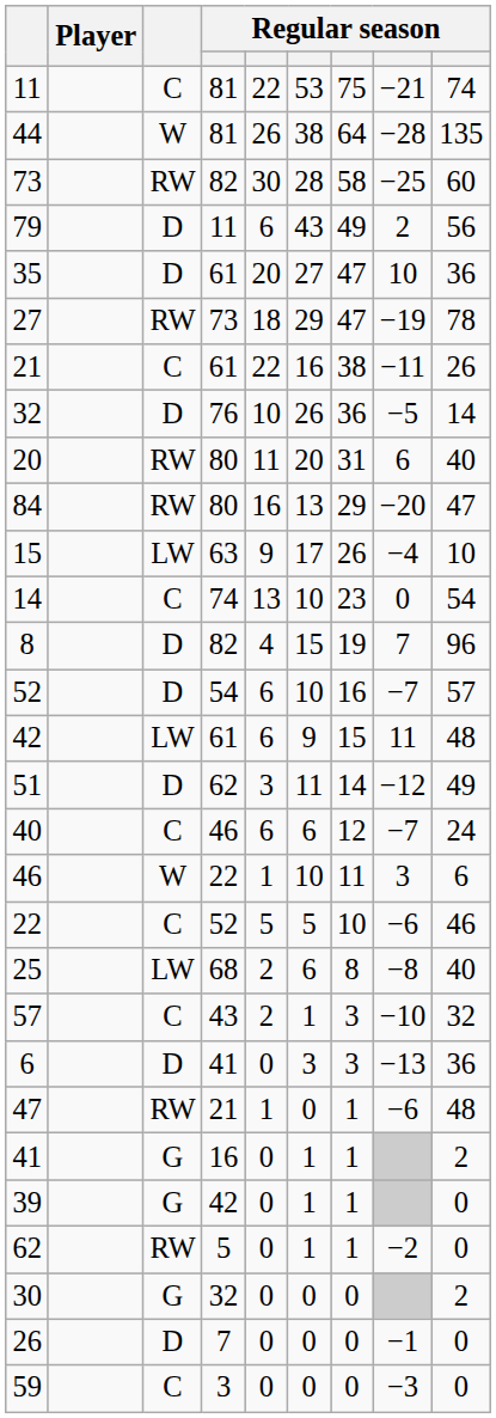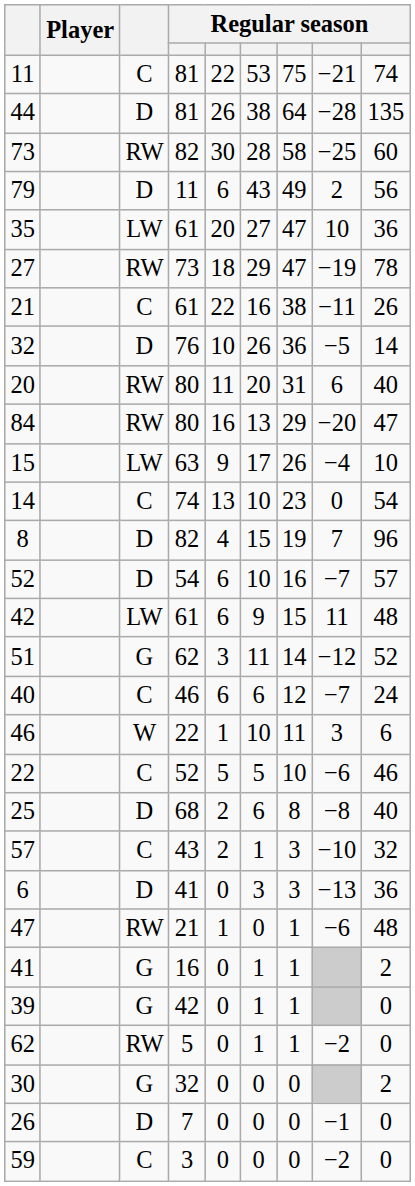 <table class="wikitable sortable plainrowheaders" style="text-align:center;">
 <tr>
 <th scope="col" data-sort-type="number" rowspan="2"></th>
 <th scope="col" rowspan="2">Player</th>
 <th scope="col" rowspan="2"></th>
 <th scope=colgroup colspan=6>Regular season</th>
 </tr>
 <tr>
 <th scope="col" data-sort-type="number"></th>
 <th scope="col" data-sort-type="number"></th>
 <th scope="col" data-sort-type="number"></th>
 <th scope="col" data-sort-type="number"></th>
 <th scope="col" data-sort-type="number"></th>
 <th scope="col" data-sort-type="number"></th>
 </tr>
 <tr>
 <td scope="row">11</td>
 <td align="left"></td>
 <td>C</td>
 <td>81</td>
 <td>22</td>
 <td>53</td>
 <td>75</td>
 <td>−21</td>
 <td>74</td>
 </tr>
 <tr>
 <td scope="row">44</td>
 <td align="left"></td>
-<td>W</td>
+<td>D</td>
 <td>81</td>
 <td>26</td>
 <td>38</td>
 <td>64</td>
 <td>−28</td>
 <td>135</td>
 </tr>
 <tr>
 <td scope="row">73</td>
 <td align="left"></td>
 <td>RW</td>
 <td>82</td>
 <td>30</td>
 <td>28</td>
 <td>58</td>
 <td>−25</td>
 <td>60</td>
 </tr>
 <tr>
 <td scope="row">79</td>
 <td align="left"></td>
 <td>D</td>
 <td>11</td>
 <td>6</td>
 <td>43</td>
 <td>49</td>
 <td>2</td>
 <td>56</td>
 </tr>
 <tr>
 <td scope="row">35</td>
 <td align="left"></td>
-<td>D</td>
+<td>LW</td>
 <td>61</td>
 <td>20</td>
 <td>27</td>
 <td>47</td>
 <td>10</td>
 <td>36</td>
 </tr>
 <tr>
 <td scope="row">27</td>
 <td align="left"></td>
 <td>RW</td>
 <td>73</td>
 <td>18</td>
 <td>29</td>
 <td>47</td>
 <td>−19</td>
 <td>78</td>
 </tr>
 <tr>
 <td scope="row">21</td>
 <td align="left"></td>
 <td>C</td>
 <td>61</td>
 <td>22</td>
 <td>16</td>
 <td>38</td>
 <td>−11</td>
 <td>26</td>
 </tr>
 <tr>
 <td scope="row">32</td>
 <td align="left"></td>
 <td>D</td>
 <td>76</td>
 <td>10</td>
 <td>26</td>
 <td>36</td>
 <td>−5</td>
 <td>14</td>
 </tr>
 <tr>
 <td scope="row">20</td>
 <td align="left"></td>
 <td>RW</td>
 <td>80</td>
 <td>11</td>
 <td>20</td>
 <td>31</td>
 <td>6</td>
 <td>40</td>
 </tr>
 <tr>
 <td scope="row">84</td>
 <td align="left"></td>
 <td>RW</td>
 <td>80</td>
 <td>16</td>
 <td>13</td>
 <td>29</td>
 <td>−20</td>
 <td>47</td>
 </tr>
 <tr>
 <td scope="row">15</td>
 <td align="left"></td>
 <td>LW</td>
 <td>63</td>
 <td>9</td>
 <td>17</td>
 <td>26</td>
 <td>−4</td>
 <td>10</td>
 </tr>
 <tr>
 <td scope="row">14</td>
 <td align="left"></td>
 <td>C</td>
 <td>74</td>
 <td>13</td>
 <td>10</td>
 <td>23</td>
 <td>0</td>
 <td>54</td>
 </tr>
 <tr>
 <td scope="row">8</td>
 <td align="left"></td>
 <td>D</td>
 <td>82</td>
 <td>4</td>
 <td>15</td>
 <td>19</td>
 <td>7</td>
 <td>96</td>
 </tr>
 <tr>
 <td scope="row">52</td>
 <td align="left"></td>
 <td>D</td>
 <td>54</td>
 <td>6</td>
 <td>10</td>
 <td>16</td>
 <td>−7</td>
 <td>57</td>
 </tr>
 <tr>
 <td scope="row">42</td>
 <td align="left"></td>
 <td>LW</td>
 <td>61</td>
 <td>6</td>
 <td>9</td>
 <td>15</td>
 <td>11</td>
 <td>48</td>
 </tr>
 <tr>
 <td scope="row">51</td>
 <td align="left"></td>
-<td>D</td>
+<td>G</td>
 <td>62</td>
 <td>3</td>
 <td>11</td>
 <td>14</td>
 <td>−12</td>
-<td>49</td>
+<td>52</td>
 </tr>
 <tr>
 <td scope="row">40</td>
 <td align="left"></td>
 <td>C</td>
 <td>46</td>
 <td>6</td>
 <td>6</td>
 <td>12</td>
 <td>−7</td>
 <td>24</td>
 </tr>
 <tr>
 <td scope="row">46</td>
 <td align="left"></td>
 <td>W</td>
 <td>22</td>
 <td>1</td>
 <td>10</td>
 <td>11</td>
 <td>3</td>
 <td>6</td>
 </tr>
 <tr>
 <td scope="row">22</td>
 <td align="left"></td>
 <td>C</td>
 <td>52</td>
 <td>5</td>
 <td>5</td>
 <td>10</td>
 <td>−6</td>
 <td>46</td>
 </tr>
 <tr>
 <td scope="row">25</td>
 <td align="left"></td>
-<td>LW</td>
+<td>D</td>
 <td>68</td>
 <td>2</td>
 <td>6</td>
 <td>8</td>
 <td>−8</td>
 <td>40</td>
 </tr>
 <tr>
 <td scope="row">57</td>
 <td align="left"></td>
 <td>C</td>
 <td>43</td>
 <td>2</td>
 <td>1</td>
 <td>3</td>
 <td>−10</td>
 <td>32</td>
 </tr>
 <tr>
 <td scope="row">6</td>
 <td align="left"></td>
 <td>D</td>
 <td>41</td>
 <td>0</td>
 <td>3</td>
 <td>3</td>
 <td>−13</td>
 <td>36</td>
 </tr>
 <tr>
 <td scope="row">47</td>
 <td align="left"></td>
 <td>RW</td>
 <td>21</td>
 <td>1</td>
 <td>0</td>
 <td>1</td>
 <td>−6</td>
 <td>48</td>
 </tr>
 <tr>
 <td scope="row">41</td>
 <td align="left"></td>
 <td>G</td>
 <td>16</td>
 <td>0</td>
 <td>1</td>
 <td>1</td>
 <td style="background:#ccc"></td>
 <td>2</td>
 </tr>
 <tr>
 <td scope="row">39</td>
 <td align="left"></td>
 <td>G</td>
 <td>42</td>
 <td>0</td>
 <td>1</td>
 <td>1</td>
 <td style="background:#ccc"></td>
 <td>0</td>
 </tr>
 <tr>
 <td scope="row">62</td>
 <td align="left"></td>
 <td>RW</td>
 <td>5</td>
 <td>0</td>
 <td>1</td>
 <td>1</td>
 <td>−2</td>
 <td>0</td>
 </tr>
 <tr>
 <td scope="row">30</td>
 <td align="left"></td>
 <td>G</td>
 <td>32</td>
 <td>0</td>
 <td>0</td>
 <td>0</td>
 <td style="background:#ccc"></td>
 <td>2</td>
 </tr>
 <tr>
 <td scope="row">26</td>
 <td align="left"></td>
 <td>D</td>
 <td>7</td>
 <td>0</td>
 <td>0</td>
 <td>0</td>
 <td>−1</td>
 <td>0</td>
 </tr>
 <tr>
 <td scope="row">59</td>
 <td align="left"></td>
 <td>C</td>
 <td>3</td>
 <td>0</td>
 <td>0</td>
 <td>0</td>
-<td>−3</td>
+<td>−2</td>
 <td>0</td>
 </tr>
 </table>
